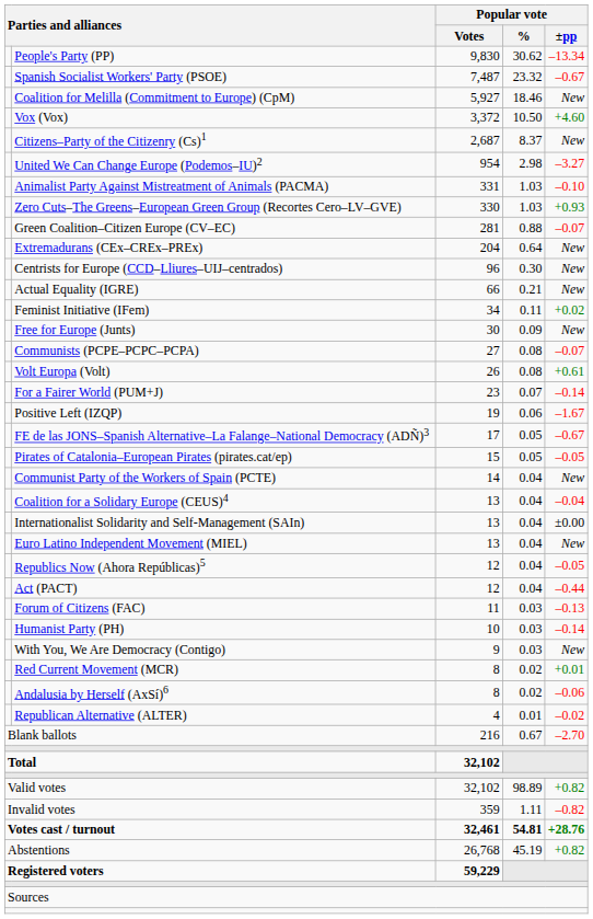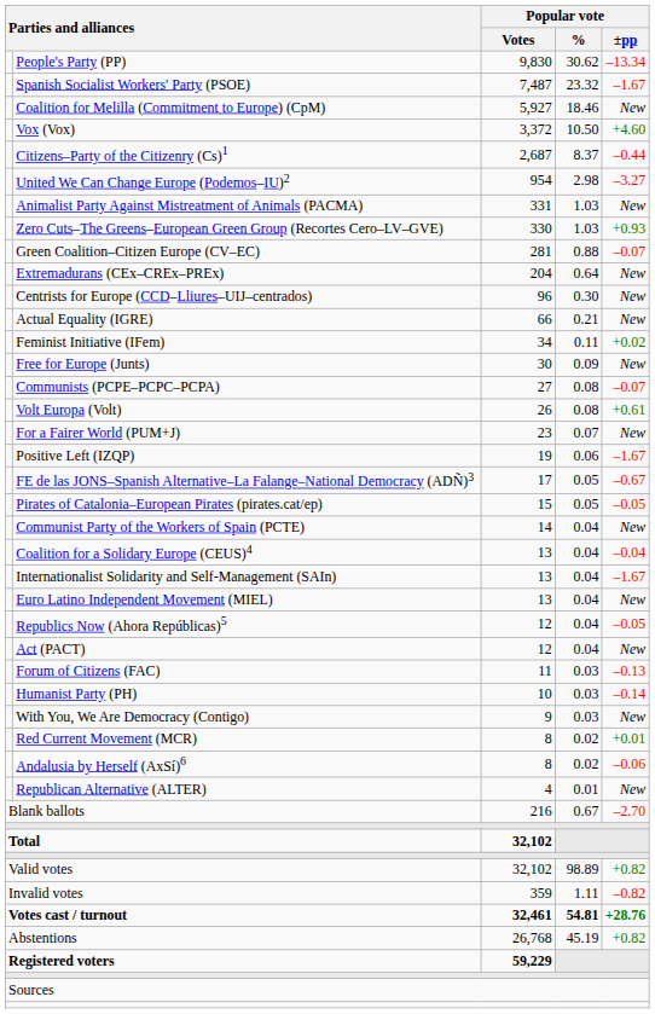 <table class="wikitable" style="text-align:right;">
 <tr>
 <th style="text-align:left;" rowspan="2" colspan="2" width="525">Parties and alliances</th>
 <th colspan="3">Popular vote</th>
 </tr>
 <tr>
 <th width="75">Votes</th>
 <th width="45">%</th>
 <th width="45">±<a href='#'>pp</a></th>
 </tr>
 <tr>
 <td width="1" style="color:inherit;background:"></td>
 <td align="left"><a href='#'>People's Party</a> (PP)</td>
 <td>9,830</td>
 <td>30.62</td>
 <td style="color:red;">–13.34</td>
 </tr>
 <tr>
 <td style="color:inherit;background:"></td>
 <td align="left"><a href='#'>Spanish Socialist Workers' Party</a> (PSOE)</td>
 <td>7,487</td>
 <td>23.32</td>
-<td style="color:red;">–0.67</td>
+<td style="color:red;">–1.67</td>
 </tr>
 <tr>
 <td style="color:inherit;background:"></td>
 <td align="left"><a href='#'>Coalition for Melilla</a> (<a href='#'>Commitment to Europe</a>) (CpM)</td>
 <td>5,927</td>
 <td>18.46</td>
 <td><em>New</em></td>
 </tr>
 <tr>
 <td style="color:inherit;background:"></td>
 <td align="left"><a href='#'>Vox</a> (Vox)</td>
 <td>3,372</td>
 <td>10.50</td>
 <td style="color:green;">+4.60</td>
 </tr>
 <tr>
 <td style="color:inherit;background:"></td>
 <td align="left"><a href='#'>Citizens–Party of the Citizenry</a> (Cs)<sup>1</sup></td>
 <td>2,687</td>
 <td>8.37</td>
-<td><em>New</em></td>
+<td style="color:red;">–0.44</td>
 </tr>
 <tr>
 <td style="color:inherit;background:"></td>
 <td align="left"><a href='#'>United We Can Change Europe</a> (<a href='#'>Podemos</a>–<a href='#'>IU</a>)<sup>2</sup></td>
 <td>954</td>
 <td>2.98</td>
 <td style="color:red;">–3.27</td>
 </tr>
 <tr>
 <td style="color:inherit;background:"></td>
 <td align="left"><a href='#'>Animalist Party Against Mistreatment of Animals</a> (PACMA)</td>
 <td>331</td>
 <td>1.03</td>
-<td style="color:red;">–0.10</td>
+<td><em>New</em></td>
 </tr>
 <tr>
 <td style="color:inherit;background:"></td>
 <td align="left"><a href='#'>Zero Cuts</a>–<a href='#'>The Greens</a>–<a href='#'>European Green Group</a> (Recortes Cero–LV–GVE)</td>
 <td>330</td>
 <td>1.03</td>
 <td style="color:green;">+0.93</td>
 </tr>
 <tr>
 <td style="color:inherit;background:"></td>
 <td align="left">Green Coalition–Citizen Europe (CV–EC)</td>
 <td>281</td>
 <td>0.88</td>
 <td style="color:red;">–0.07</td>
 </tr>
 <tr>
 <td style="color:inherit;background:"></td>
 <td align="left"><a href='#'>Extremadurans</a> (CEx–CREx–PREx)</td>
 <td>204</td>
 <td>0.64</td>
 <td><em>New</em></td>
 </tr>
 <tr>
 <td style="color:inherit;background:"></td>
 <td align="left">Centrists for Europe (<a href='#'>CCD</a>–<a href='#'>Lliures</a>–UIJ–centrados)</td>
 <td>96</td>
 <td>0.30</td>
 <td><em>New</em></td>
 </tr>
 <tr>
 <td style="color:inherit;background:"></td>
 <td align="left">Actual Equality (IGRE)</td>
 <td>66</td>
 <td>0.21</td>
 <td><em>New</em></td>
 </tr>
 <tr>
 <td style="color:inherit;background:"></td>
 <td align="left">Feminist Initiative (IFem)</td>
 <td>34</td>
 <td>0.11</td>
 <td style="color:green;">+0.02</td>
 </tr>
 <tr>
 <td style="color:inherit;background:"></td>
 <td align="left"><a href='#'>Free for Europe</a> (Junts)</td>
 <td>30</td>
 <td>0.09</td>
 <td><em>New</em></td>
 </tr>
 <tr>
 <td style="color:inherit;background:"></td>
 <td align="left"><a href='#'>Communists</a> (PCPE–PCPC–PCPA)</td>
 <td>27</td>
 <td>0.08</td>
 <td style="color:red;">–0.07</td>
 </tr>
 <tr>
 <td style="color:inherit;background:"></td>
 <td align="left"><a href='#'>Volt Europa</a> (Volt)</td>
 <td>26</td>
 <td>0.08</td>
 <td style="color:green;">+0.61</td>
 </tr>
 <tr>
 <td style="color:inherit;background:"></td>
 <td align="left"><a href='#'>For a Fairer World</a> (PUM+J)</td>
 <td>23</td>
 <td>0.07</td>
-<td style="color:red;">–0.14</td>
+<td><em>New</em></td>
 </tr>
 <tr>
 <td style="color:inherit;background:"></td>
 <td align="left">Positive Left (IZQP)</td>
 <td>19</td>
 <td>0.06</td>
 <td style="color:red;">–1.67</td>
 </tr>
 <tr>
 <td style="color:inherit;background:"></td>
 <td align="left"><a href='#'>FE de las JONS–Spanish Alternative–La Falange–National Democracy</a> (ADÑ)<sup>3</sup></td>
 <td>17</td>
 <td>0.05</td>
 <td style="color:red;">–0.67</td>
 </tr>
 <tr>
 <td style="color:inherit;background:"></td>
 <td align="left"><a href='#'>Pirates of Catalonia–European Pirates</a> (pirates.cat/ep)</td>
 <td>15</td>
 <td>0.05</td>
 <td style="color:red;">–0.05</td>
 </tr>
 <tr>
 <td style="color:inherit;background:"></td>
 <td align="left"><a href='#'>Communist Party of the Workers of Spain</a> (PCTE)</td>
 <td>14</td>
 <td>0.04</td>
 <td><em>New</em></td>
 </tr>
 <tr>
 <td style="color:inherit;background:"></td>
 <td align="left"><a href='#'>Coalition for a Solidary Europe</a> (CEUS)<sup>4</sup></td>
 <td>13</td>
 <td>0.04</td>
 <td style="color:red;">–0.04</td>
 </tr>
 <tr>
 <td style="color:inherit;background:"></td>
 <td align="left">Internationalist Solidarity and Self-Management (SAIn)</td>
 <td>13</td>
 <td>0.04</td>
-<td>±0.00</td>
+<td style="color:red;">–1.67</td>
 </tr>
 <tr>
 <td style="color:inherit;background:"></td>
 <td align="left"><a href='#'>Euro Latino Independent Movement</a> (MIEL)</td>
 <td>13</td>
 <td>0.04</td>
 <td><em>New</em></td>
 </tr>
 <tr>
 <td style="color:inherit;background:"></td>
 <td align="left"><a href='#'>Republics Now</a> (Ahora Repúblicas)<sup>5</sup></td>
 <td>12</td>
 <td>0.04</td>
 <td style="color:red;">–0.05</td>
 </tr>
 <tr>
 <td style="color:inherit;background:"></td>
 <td align="left"><a href='#'>Act</a> (PACT)</td>
 <td>12</td>
 <td>0.04</td>
-<td style="color:red;">–0.44</td>
+<td><em>New</em></td>
 </tr>
 <tr>
 <td style="color:inherit;background:"></td>
 <td align="left"><a href='#'>Forum of Citizens</a> (FAC)</td>
 <td>11</td>
 <td>0.03</td>
 <td style="color:red;">–0.13</td>
 </tr>
 <tr>
 <td style="color:inherit;background:"></td>
 <td align="left"><a href='#'>Humanist Party</a> (PH)</td>
 <td>10</td>
 <td>0.03</td>
 <td style="color:red;">–0.14</td>
 </tr>
 <tr>
 <td style="color:inherit;background:"></td>
 <td align="left">With You, We Are Democracy (Contigo)</td>
 <td>9</td>
 <td>0.03</td>
 <td><em>New</em></td>
 </tr>
 <tr>
 <td style="color:inherit;background:"></td>
 <td align="left"><a href='#'>Red Current Movement</a> (MCR)</td>
 <td>8</td>
 <td>0.02</td>
 <td style="color:green;">+0.01</td>
 </tr>
 <tr>
 <td style="color:inherit;background:"></td>
 <td align="left"><a href='#'>Andalusia by Herself</a> (AxSí)<sup>6</sup></td>
 <td>8</td>
 <td>0.02</td>
 <td style="color:red;">–0.06</td>
 </tr>
 <tr>
 <td style="color:inherit;background:"></td>
 <td align="left"><a href='#'>Republican Alternative</a> (ALTER)</td>
 <td>4</td>
 <td>0.01</td>
-<td style="color:red;">–0.02</td>
+<td><em>New</em></td>
 </tr>
 <tr>
 <td align="left" colspan="2">Blank ballots</td>
 <td>216</td>
 <td>0.67</td>
 <td style="color:red;">–2.70</td>
 </tr>
 <tr>
 <td colspan="5" bgcolor="#E9E9E9"></td>
 </tr>
 <tr style="font-weight:bold;">
 <td align="left" colspan="2">Total</td>
 <td>32,102</td>
 <td bgcolor="#E9E9E9" colspan="2"></td>
 </tr>
 <tr>
 <td colspan="5" bgcolor="#E9E9E9"></td>
 </tr>
 <tr>
 <td align="left" colspan="2">Valid votes</td>
 <td>32,102</td>
 <td>98.89</td>
 <td style="color:green;">+0.82</td>
 </tr>
 <tr>
 <td align="left" colspan="2">Invalid votes</td>
 <td>359</td>
 <td>1.11</td>
 <td style="color:red;">–0.82</td>
 </tr>
 <tr style="font-weight:bold;">
 <td align="left" colspan="2">Votes cast / turnout</td>
 <td>32,461</td>
 <td>54.81</td>
 <td style="color:green;">+28.76</td>
 </tr>
 <tr>
 <td align="left" colspan="2">Abstentions</td>
 <td>26,768</td>
 <td>45.19</td>
 <td style="color:green;">+0.82</td>
 </tr>
 <tr style="font-weight:bold;">
 <td align="left" colspan="2">Registered voters</td>
 <td>59,229</td>
 <td bgcolor="#E9E9E9" colspan="2"></td>
 </tr>
 <tr>
 <td colspan="5" bgcolor="#E9E9E9"></td>
 </tr>
 <tr>
 <td align="left" colspan="5">Sources</td>
 </tr>
 <tr>
 <td colspan="5" style="text-align:left; max-width:680px;"></td>
 </tr>
 </table>
